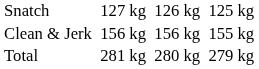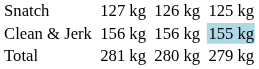 <table>
 <tr>
 <td>Snatch</td>
 <td></td>
 <td>127 kg</td>
 <td></td>
 <td>126 kg</td>
 <td></td>
 <td>125 kg</td>
 </tr>
 <tr>
 <td>Clean & Jerk</td>
 <td></td>
 <td>156 kg</td>
 <td></td>
 <td>156 kg</td>
 <td></td>
-<td>155 kg</td>
+<td style="background: lightblue;">155 kg</td>
 </tr>
 <tr>
 <td>Total</td>
 <td></td>
 <td>281 kg</td>
 <td></td>
 <td>280 kg</td>
 <td></td>
 <td>279 kg</td>
 </tr>
 </table>
